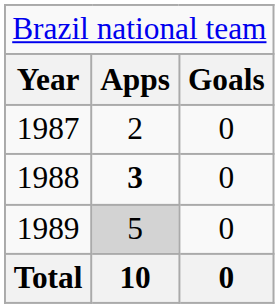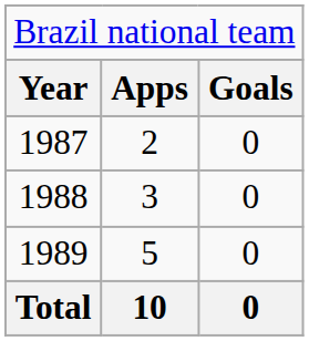 <table class="wikitable" style="text-align:center">
 <tr>
 <td colspan="3"><a href='#'>Brazil national team</a></td>
 </tr>
 <tr>
 <th>Year</th>
 <th>Apps</th>
 <th>Goals</th>
 </tr>
 <tr>
 <td>1987</td>
 <td>2</td>
 <td>0</td>
 </tr>
 <tr>
 <td>1988</td>
-<td><strong>3</strong></td>
+<td>3</td>
 <td>0</td>
 </tr>
 <tr>
 <td>1989</td>
-<td style="background: lightgrey;">5</td>
+<td>5</td>
 <td>0</td>
 </tr>
 <tr>
 <th>Total</th>
 <th>10</th>
 <th>0</th>
 </tr>
 </table>
